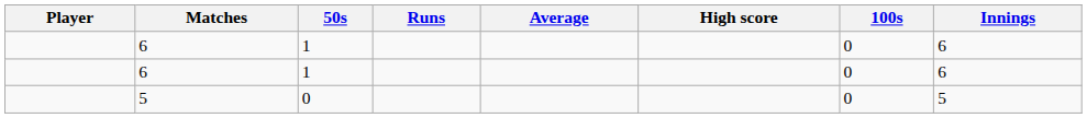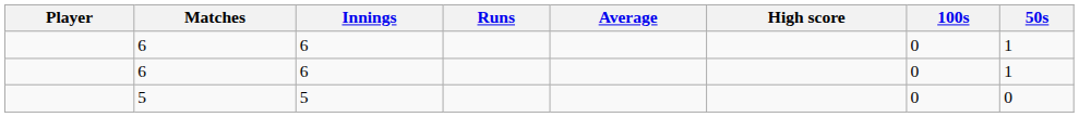 <table class="wikitable sortable" style="width:80%;">
 <tr>
 <th>Player</th>
 <th>Matches</th>
-<th><a href='#'>50s</a></th>
+<th><a href='#'>Innings</a></th>
 <th><a href='#'>Runs</a></th>
 <th><a href='#'>Average</a></th>
 <th>High score</th>
 <th><a href='#'>100s</a></th>
-<th><a href='#'>Innings</a></th>
+<th><a href='#'>50s</a></th>
 </tr>
 <tr>
 <td></td>
 <td>6</td>
-<td>1</td>
+<td>6</td>
 <td></td>
 <td></td>
 <td></td>
 <td>0</td>
-<td>6</td>
+<td>1</td>
 </tr>
 <tr>
 <td></td>
 <td>6</td>
-<td>1</td>
+<td>6</td>
 <td></td>
 <td></td>
 <td></td>
 <td>0</td>
-<td>6</td>
+<td>1</td>
 </tr>
 <tr>
 <td></td>
 <td>5</td>
-<td>0</td>
+<td>5</td>
 <td></td>
 <td></td>
 <td></td>
 <td>0</td>
-<td>5</td>
+<td>0</td>
 </tr>
 </table>
